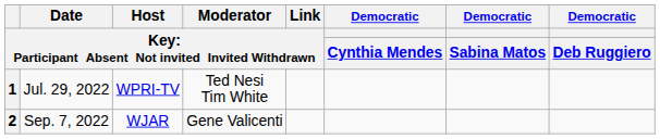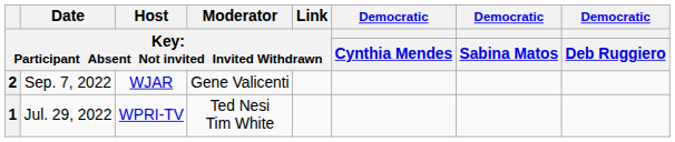 <table class="wikitable" style="text-align:center;">
 <tr>
 <th scope="col"></th>
 <th scope="col">Date</th>
 <th scope="col">Host</th>
 <th scope="col">Moderator</th>
 <th scope="col">Link</th>
 <th scope="col"><small><a href='#'>Democratic</a></small></th>
 <th scope="col"><small><a href='#'>Democratic</a></small></th>
 <th scope="col"><small><a href='#'>Democratic</a></small></th>
 </tr>
 <tr>
 <th colspan="5" rowspan="2">Key:<br> <small>Participant </small>  <small>Absent </small>  <small>Not invited </small>  <small>Invited  Withdrawn</small></th>
 <th scope="col" style="background:"></th>
 <th scope="col" style="background:"></th>
 <th scope="col" style="background:"></th>
 </tr>
 <tr>
 <th scope="col"><a href='#'>Cynthia Mendes</a></th>
 <th scope="col"><a href='#'>Sabina Matos</a></th>
 <th scope="col"><a href='#'>Deb Ruggiero</a></th>
 </tr>
 <tr>
+<th>2</th>
+<td style="white-space:nowrap;">Sep. 7, 2022</td>
+<td style="white-space:nowrap;"><a href='#'>WJAR</a></td>
+<td style="white-space:nowrap;">Gene Valicenti</td>
+<td style="white-space:nowrap;"></td>
+<td></td>
+<td></td>
+<td></td>
+</tr>
+<tr>
 <th>1</th>
 <td style="white-space:nowrap;">Jul. 29, 2022</td>
 <td style="white-space:nowrap;"><a href='#'>WPRI-TV</a></td>
 <td style="white-space:nowrap;">Ted Nesi<br>Tim White</td>
 <td style="white-space:nowrap;"></td>
 <td></td>
 <td></td>
 <td></td>
 </tr>
-<tr>
-<th>2</th>
-<td style="white-space:nowrap;">Sep. 7, 2022</td>
-<td style="white-space:nowrap;"><a href='#'>WJAR</a></td>
-<td style="white-space:nowrap;">Gene Valicenti</td>
-<td style="white-space:nowrap;"></td>
-<td></td>
-<td></td>
-<td></td>
-</tr>
 </table>
